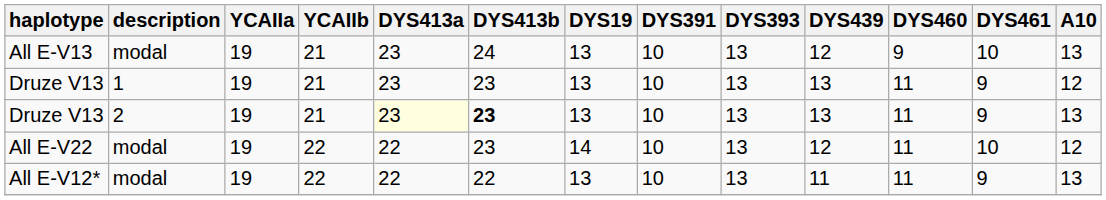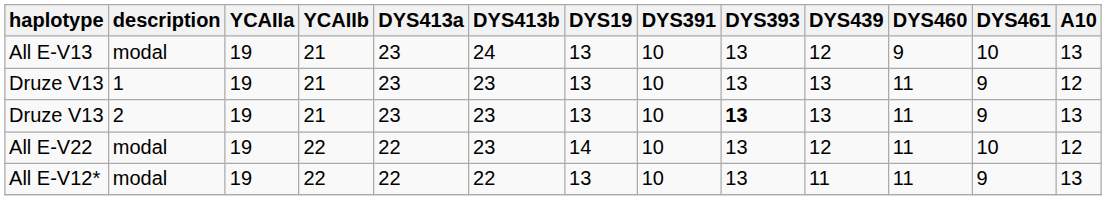 <table class="wikitable" style="margin:1em auto">
 <tr>
 <th>haplotype</th>
 <th>description</th>
 <th>YCAIIa</th>
 <th>YCAIIb</th>
 <th>DYS413a</th>
 <th>DYS413b</th>
 <th>DYS19</th>
 <th>DYS391</th>
 <th>DYS393</th>
 <th>DYS439</th>
 <th>DYS460</th>
 <th>DYS461</th>
 <th>A10</th>
 </tr>
 <tr>
 <td>All E-V13</td>
 <td>modal</td>
 <td>19</td>
 <td>21</td>
 <td>23</td>
 <td>24</td>
 <td>13</td>
 <td>10</td>
 <td>13</td>
 <td>12</td>
 <td>9</td>
 <td>10</td>
 <td>13</td>
 </tr>
 <tr>
 <td>Druze V13</td>
 <td>1</td>
 <td>19</td>
 <td>21</td>
 <td>23</td>
 <td>23</td>
 <td>13</td>
 <td>10</td>
 <td>13</td>
 <td>13</td>
 <td>11</td>
 <td>9</td>
 <td>12</td>
 </tr>
 <tr>
 <td>Druze V13</td>
 <td>2</td>
 <td>19</td>
 <td>21</td>
-<td style="background: lightyellow;">23</td>
-<td><strong>23</strong></td>
+<td>23</td>
+<td>23</td>
 <td>13</td>
 <td>10</td>
-<td>13</td>
+<td><strong>13</strong></td>
 <td>13</td>
 <td>11</td>
 <td>9</td>
 <td>13</td>
 </tr>
 <tr>
 <td>All E-V22</td>
 <td>modal</td>
 <td>19</td>
 <td>22</td>
 <td>22</td>
 <td>23</td>
 <td>14</td>
 <td>10</td>
 <td>13</td>
 <td>12</td>
 <td>11</td>
 <td>10</td>
 <td>12</td>
 </tr>
 <tr>
 <td>All E-V12*</td>
 <td>modal</td>
 <td>19</td>
 <td>22</td>
 <td>22</td>
 <td>22</td>
 <td>13</td>
 <td>10</td>
 <td>13</td>
 <td>11</td>
 <td>11</td>
 <td>9</td>
 <td>13</td>
 </tr>
 <tr>
 </tr>
 </table>
